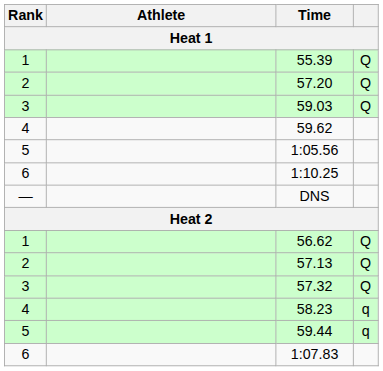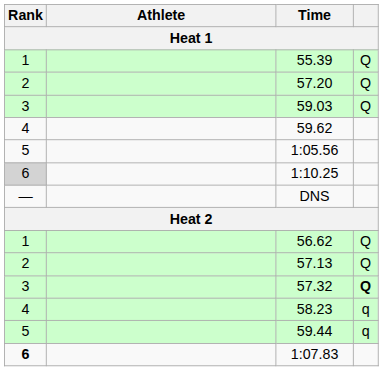 <table class=wikitable style="text-align:center">
 <tr>
 <th width=40>Rank</th>
 <th width=250>Athlete</th>
 <th width=80>Time</th>
 <th width=20></th>
 </tr>
 <tr>
 <th colspan=4>Heat 1</th>
 </tr>
 <tr bgcolor="ccffcc">
 <td>1</td>
 <td align=left></td>
 <td>55.39</td>
 <td>Q</td>
 </tr>
 <tr bgcolor="ccffcc">
 <td>2</td>
 <td align=left></td>
 <td>57.20</td>
 <td>Q</td>
 </tr>
 <tr bgcolor="ccffcc">
 <td>3</td>
 <td align=left></td>
 <td>59.03</td>
 <td>Q</td>
 </tr>
 <tr>
 <td>4</td>
 <td align=left></td>
 <td>59.62</td>
 <td></td>
 </tr>
 <tr>
 <td>5</td>
 <td align=left></td>
 <td>1:05.56</td>
 <td></td>
 </tr>
 <tr>
-<td>6</td>
+<td style="background: lightgrey;">6</td>
 <td align=left></td>
 <td>1:10.25</td>
 <td></td>
 </tr>
 <tr>
 <td>—</td>
 <td align=left></td>
 <td>DNS</td>
 <td></td>
 </tr>
 <tr>
 <th colspan=4>Heat 2</th>
 </tr>
 <tr bgcolor="ccffcc">
 <td>1</td>
 <td align=left></td>
 <td>56.62</td>
 <td>Q</td>
 </tr>
 <tr bgcolor="ccffcc">
 <td>2</td>
 <td align=left></td>
 <td>57.13</td>
 <td>Q</td>
 </tr>
 <tr bgcolor="ccffcc">
 <td>3</td>
 <td align=left></td>
 <td>57.32</td>
-<td>Q</td>
+<td><strong>Q</strong></td>
 </tr>
 <tr bgcolor="ccffcc">
 <td>4</td>
 <td align=left></td>
 <td>58.23</td>
 <td>q</td>
 </tr>
 <tr bgcolor="ccffcc">
 <td>5</td>
 <td align=left></td>
 <td>59.44</td>
 <td>q</td>
 </tr>
 <tr>
-<td>6</td>
+<td><strong>6</strong></td>
 <td align=left></td>
 <td>1:07.83</td>
 <td></td>
 </tr>
 </table>
